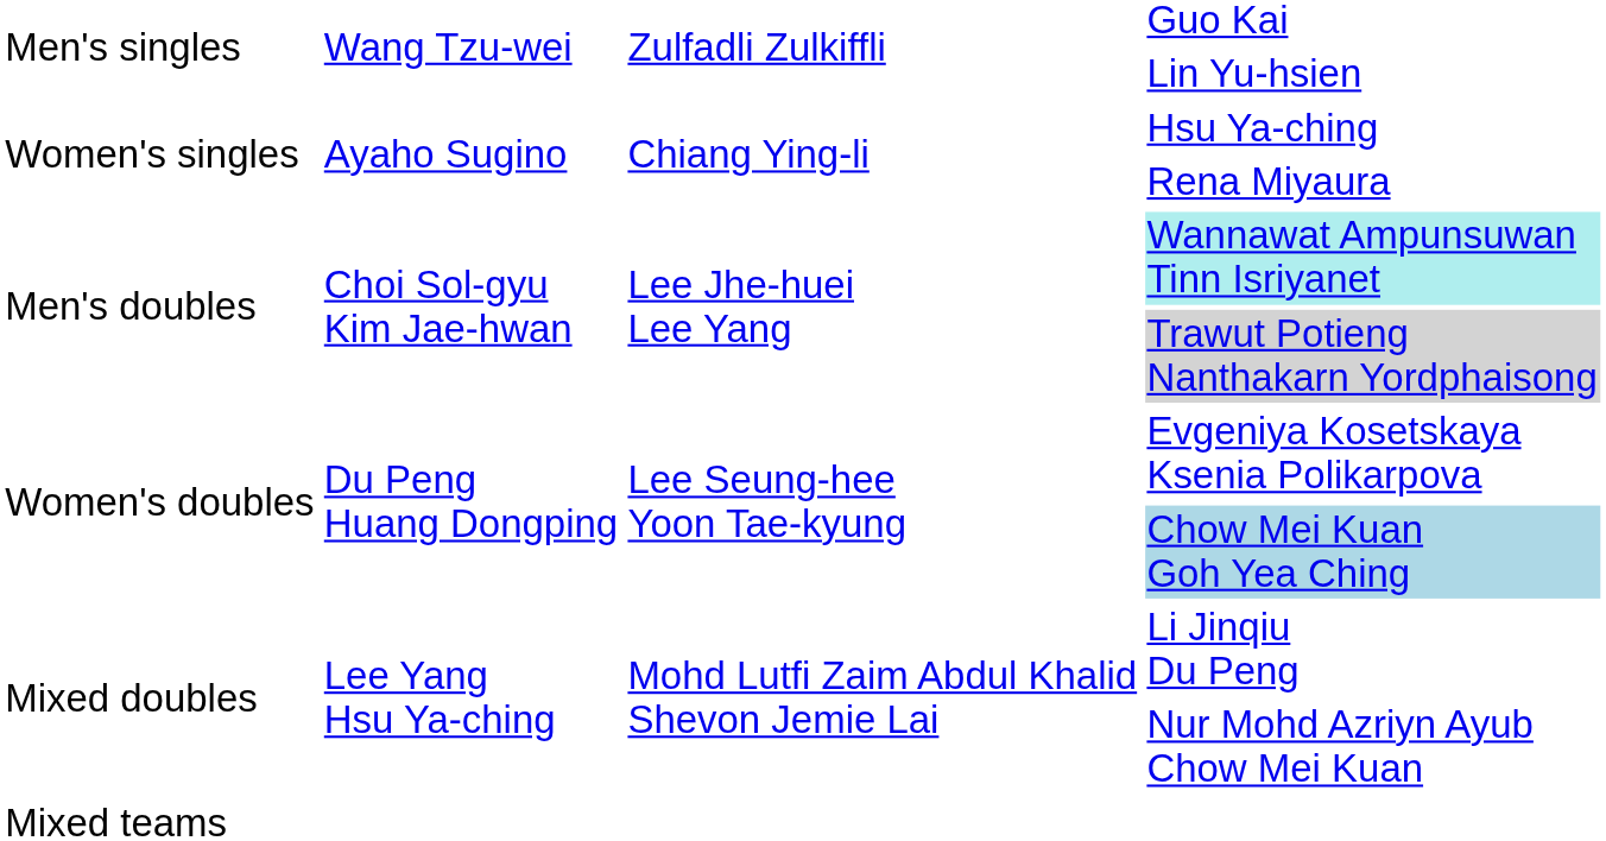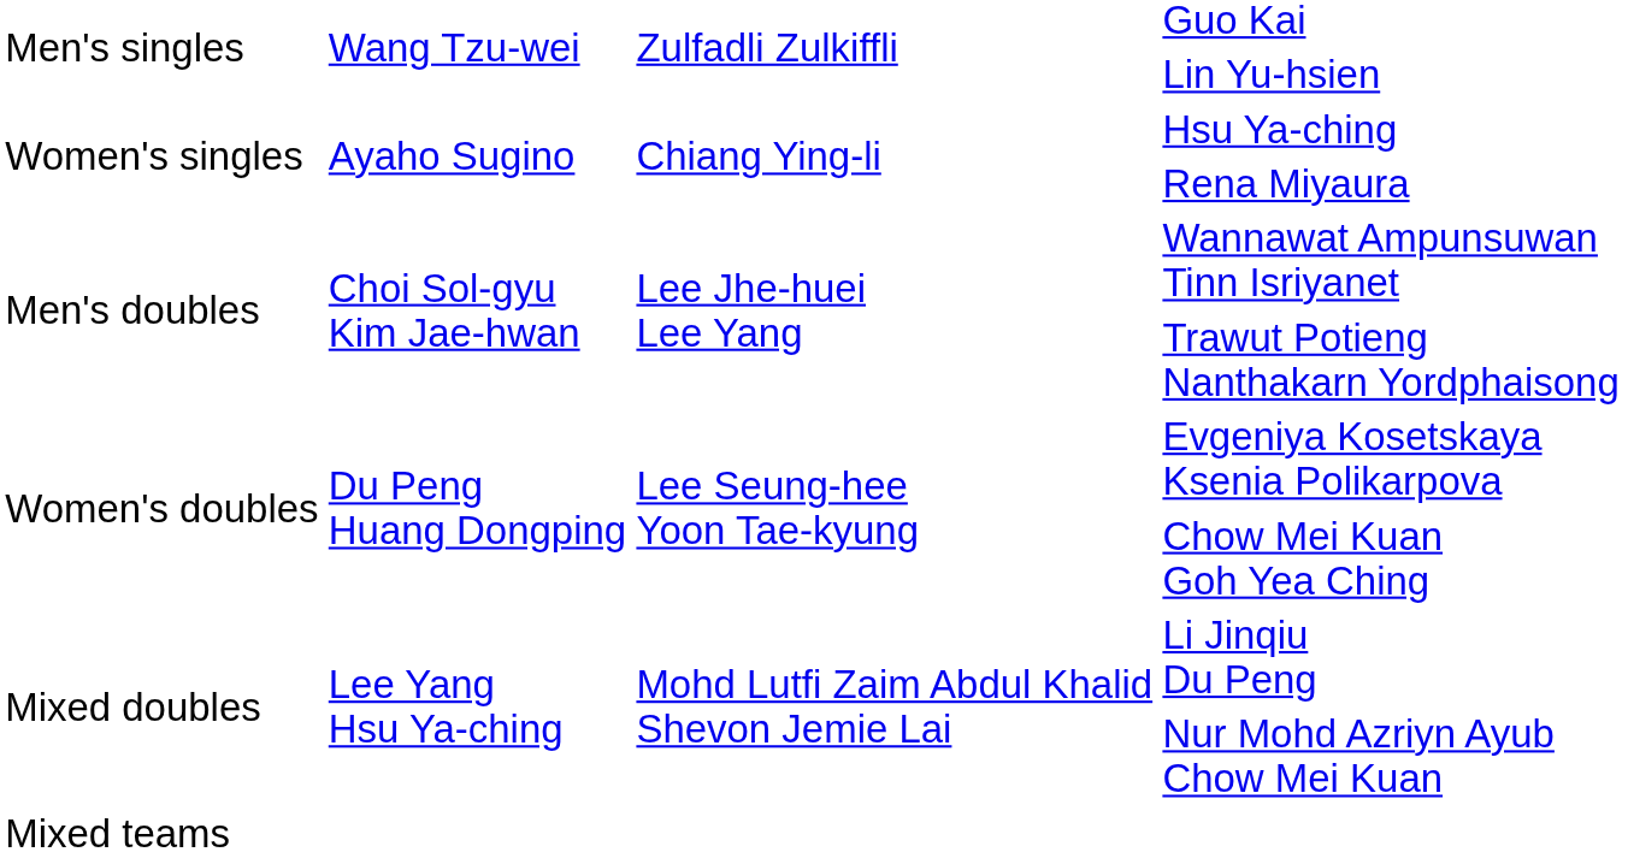 <table>
 <tr>
 <td rowspan="2">Men's singles</td>
 <td rowspan="2"> <a href='#'>Wang Tzu-wei</a></td>
 <td rowspan="2"> <a href='#'>Zulfadli Zulkiffli</a></td>
 <td> <a href='#'>Guo Kai</a></td>
 </tr>
 <tr>
 <td> <a href='#'>Lin Yu-hsien</a></td>
 </tr>
 <tr>
 <td rowspan="2">Women's singles</td>
 <td rowspan="2"> <a href='#'>Ayaho Sugino</a></td>
 <td rowspan="2"> <a href='#'>Chiang Ying-li</a></td>
 <td> <a href='#'>Hsu Ya-ching</a></td>
 </tr>
 <tr>
 <td> <a href='#'>Rena Miyaura</a></td>
 </tr>
 <tr>
 <td rowspan="2">Men's doubles</td>
 <td rowspan="2"> <a href='#'>Choi Sol-gyu</a><br> <a href='#'>Kim Jae-hwan</a></td>
 <td rowspan="2"> <a href='#'>Lee Jhe-huei</a><br> <a href='#'>Lee Yang</a></td>
-<td style="background: paleturquoise;"> <a href='#'>Wannawat Ampunsuwan</a><br> <a href='#'>Tinn Isriyanet</a></td>
+<td> <a href='#'>Wannawat Ampunsuwan</a><br> <a href='#'>Tinn Isriyanet</a></td>
 </tr>
 <tr>
-<td style="background: lightgrey;"> <a href='#'>Trawut Potieng</a><br> <a href='#'>Nanthakarn Yordphaisong</a></td>
+<td> <a href='#'>Trawut Potieng</a><br> <a href='#'>Nanthakarn Yordphaisong</a></td>
 </tr>
 <tr>
 <td rowspan="2">Women's doubles</td>
 <td rowspan="2"> <a href='#'>Du Peng</a><br> <a href='#'>Huang Dongping</a></td>
 <td rowspan="2"> <a href='#'>Lee Seung-hee</a><br> <a href='#'>Yoon Tae-kyung</a></td>
 <td> <a href='#'>Evgeniya Kosetskaya</a><br> <a href='#'>Ksenia Polikarpova</a></td>
 </tr>
 <tr>
-<td style="background: lightblue;"> <a href='#'>Chow Mei Kuan</a><br> <a href='#'>Goh Yea Ching</a></td>
+<td> <a href='#'>Chow Mei Kuan</a><br> <a href='#'>Goh Yea Ching</a></td>
 </tr>
 <tr>
 <td rowspan="2">Mixed doubles</td>
 <td rowspan="2"> <a href='#'>Lee Yang</a><br> <a href='#'>Hsu Ya-ching</a></td>
 <td rowspan="2"> <a href='#'>Mohd Lutfi Zaim Abdul Khalid</a><br> <a href='#'>Shevon Jemie Lai</a></td>
 <td> <a href='#'>Li Jinqiu</a><br> <a href='#'>Du Peng</a></td>
 </tr>
 <tr>
 <td> <a href='#'>Nur Mohd Azriyn Ayub</a><br> <a href='#'>Chow Mei Kuan</a></td>
 </tr>
 <tr>
 <td rowspan="2">Mixed teams</td>
 <td align="center" rowspan="2"></td>
 <td align="center" rowspan="2"></td>
 <td align="center"></td>
 </tr>
 <tr>
 <td align="center"></td>
 </tr>
 </table>
